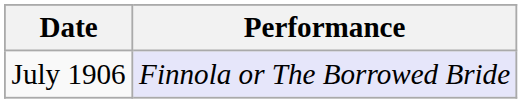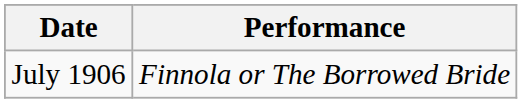 <table class="wikitable">
 <tr>
 <th>Date</th>
 <th>Performance</th>
 </tr>
 <tr>
 <td>July 1906</td>
-<td style="background: lavender;"><em>Finnola or The Borrowed Bride</em></td>
+<td><em>Finnola or The Borrowed Bride</em></td>
 </tr>
 </table>
